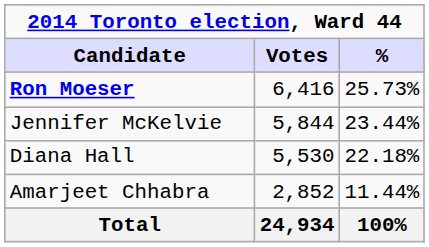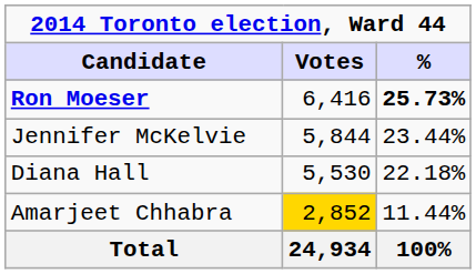 <table class="wikitable">
 <tr>
 <td colspan="3" style="text-align:center;"><strong><a href='#'>2014 Toronto election</a>, Ward 44</strong></td>
 </tr>
 <tr>
 <th style="background:#ddf; width:150px;">Candidate</th>
 <th style="background:#ddf;">Votes</th>
 <th style="background:#ddf;">%</th>
 </tr>
 <tr>
 <td><strong><a href='#'>Ron Moeser</a></strong></td>
 <td align=right>6,416</td>
-<td align=right>25.73%</td>
+<td align=right><strong>25.73%</strong></td>
 </tr>
 <tr>
 <td>Jennifer McKelvie</td>
 <td align=right>5,844</td>
 <td align-right>23.44%</td>
 </tr>
 <tr>
 <td>Diana Hall</td>
 <td align=right>5,530</td>
 <td align=right>22.18%</td>
 </tr>
 <tr>
 <td>Amarjeet Chhabra</td>
-<td align=right>2,852</td>
+<td align=right style="background: gold;">2,852</td>
 <td align=right>11.44%</td>
 </tr>
 <tr>
 <th>Total</th>
 <th align=right>24,934</th>
 <th align=right>100%</th>
 </tr>
 </table>
